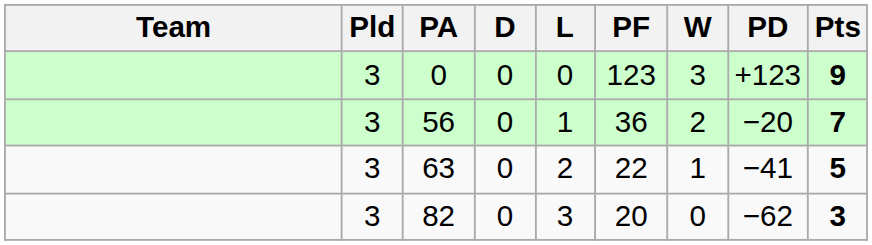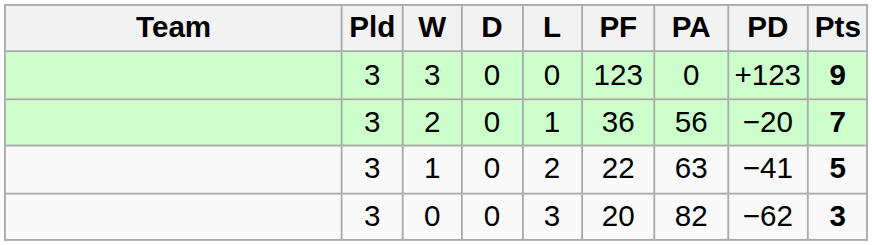 <table class="wikitable" style="text-align:center;">
 <tr>
 <th width=175>Team</th>
 <th width=25 abbr="Played">Pld</th>
-<th width=32 abbr="Points against">PA</th>
+<th width=25 abbr="Won">W</th>
 <th width=25 abbr="Drawn">D</th>
 <th width=25 abbr="Lost">L</th>
 <th width=32 abbr="Points for">PF</th>
-<th width=25 abbr="Won">W</th>
+<th width=32 abbr="Points against">PA</th>
 <th width=32 abbr="Points difference">PD</th>
 <th width=25 abbr="Points">Pts</th>
 </tr>
 <tr bgcolor=ccffcc>
 <td align=left></td>
 <td>3</td>
-<td>0</td>
+<td>3</td>
 <td>0</td>
 <td>0</td>
 <td>123</td>
-<td>3</td>
+<td>0</td>
 <td>+123</td>
 <td><strong>9</strong></td>
 </tr>
 <tr bgcolor=ccffcc>
 <td align=left></td>
 <td>3</td>
-<td>56</td>
+<td>2</td>
 <td>0</td>
 <td>1</td>
 <td>36</td>
-<td>2</td>
+<td>56</td>
 <td>−20</td>
 <td><strong>7</strong></td>
 </tr>
 <tr>
 <td align=left></td>
 <td>3</td>
-<td>63</td>
+<td>1</td>
 <td>0</td>
 <td>2</td>
 <td>22</td>
-<td>1</td>
+<td>63</td>
 <td>−41</td>
 <td><strong>5</strong></td>
 </tr>
 <tr>
 <td align=left></td>
 <td>3</td>
-<td>82</td>
+<td>0</td>
 <td>0</td>
 <td>3</td>
 <td>20</td>
-<td>0</td>
+<td>82</td>
 <td>−62</td>
 <td><strong>3</strong></td>
 </tr>
 </table>
